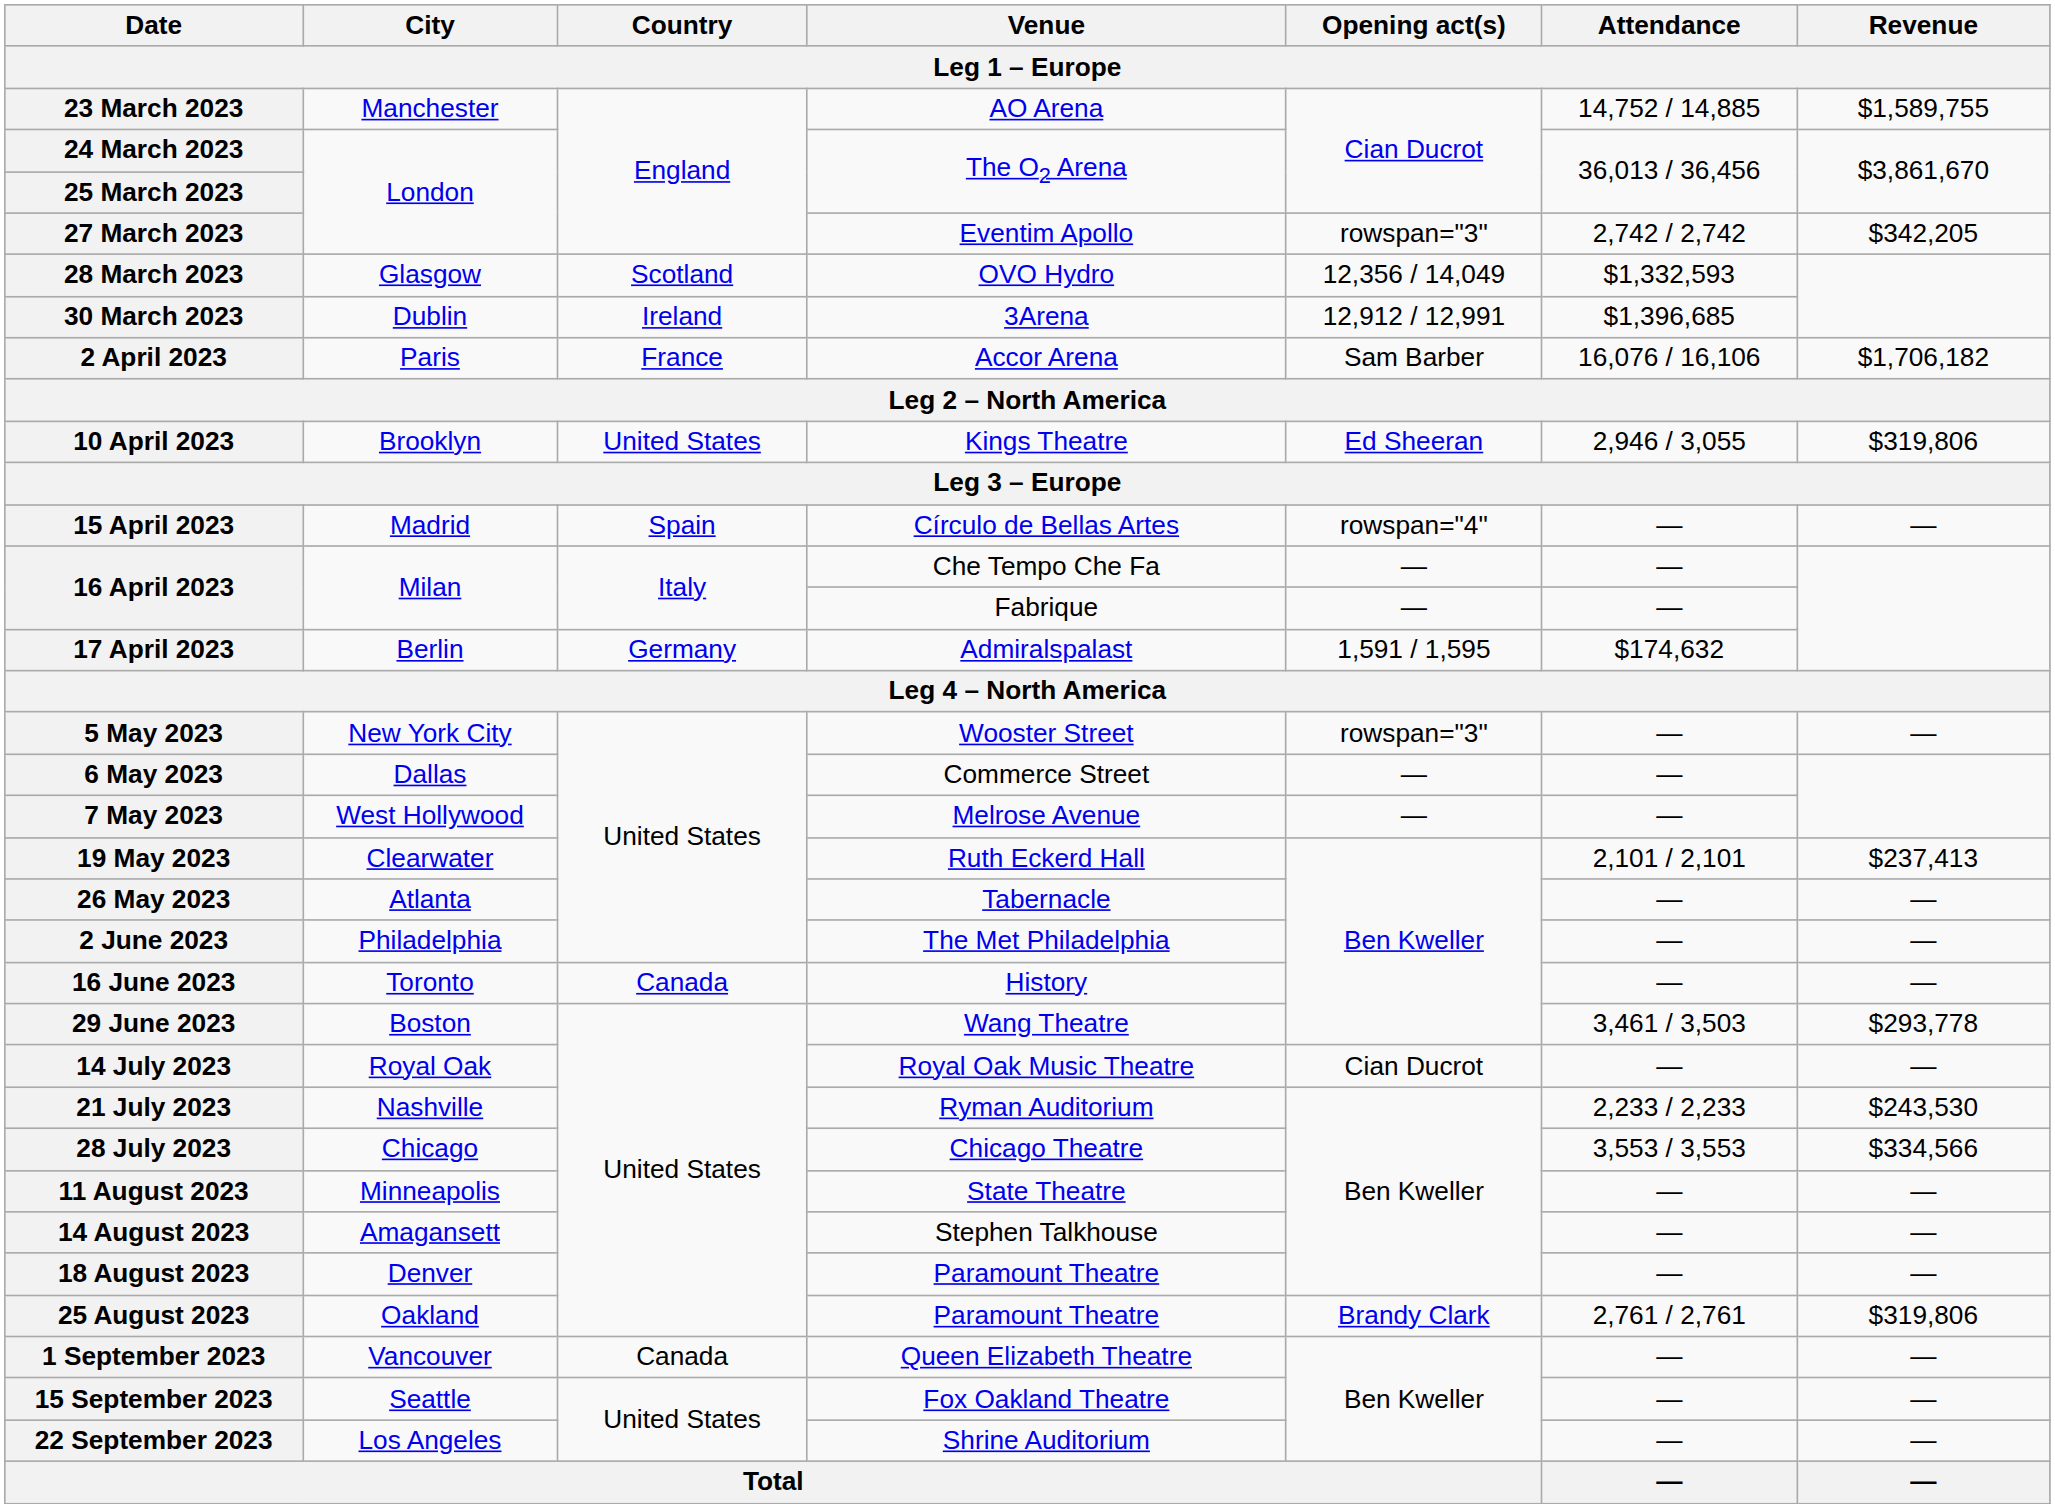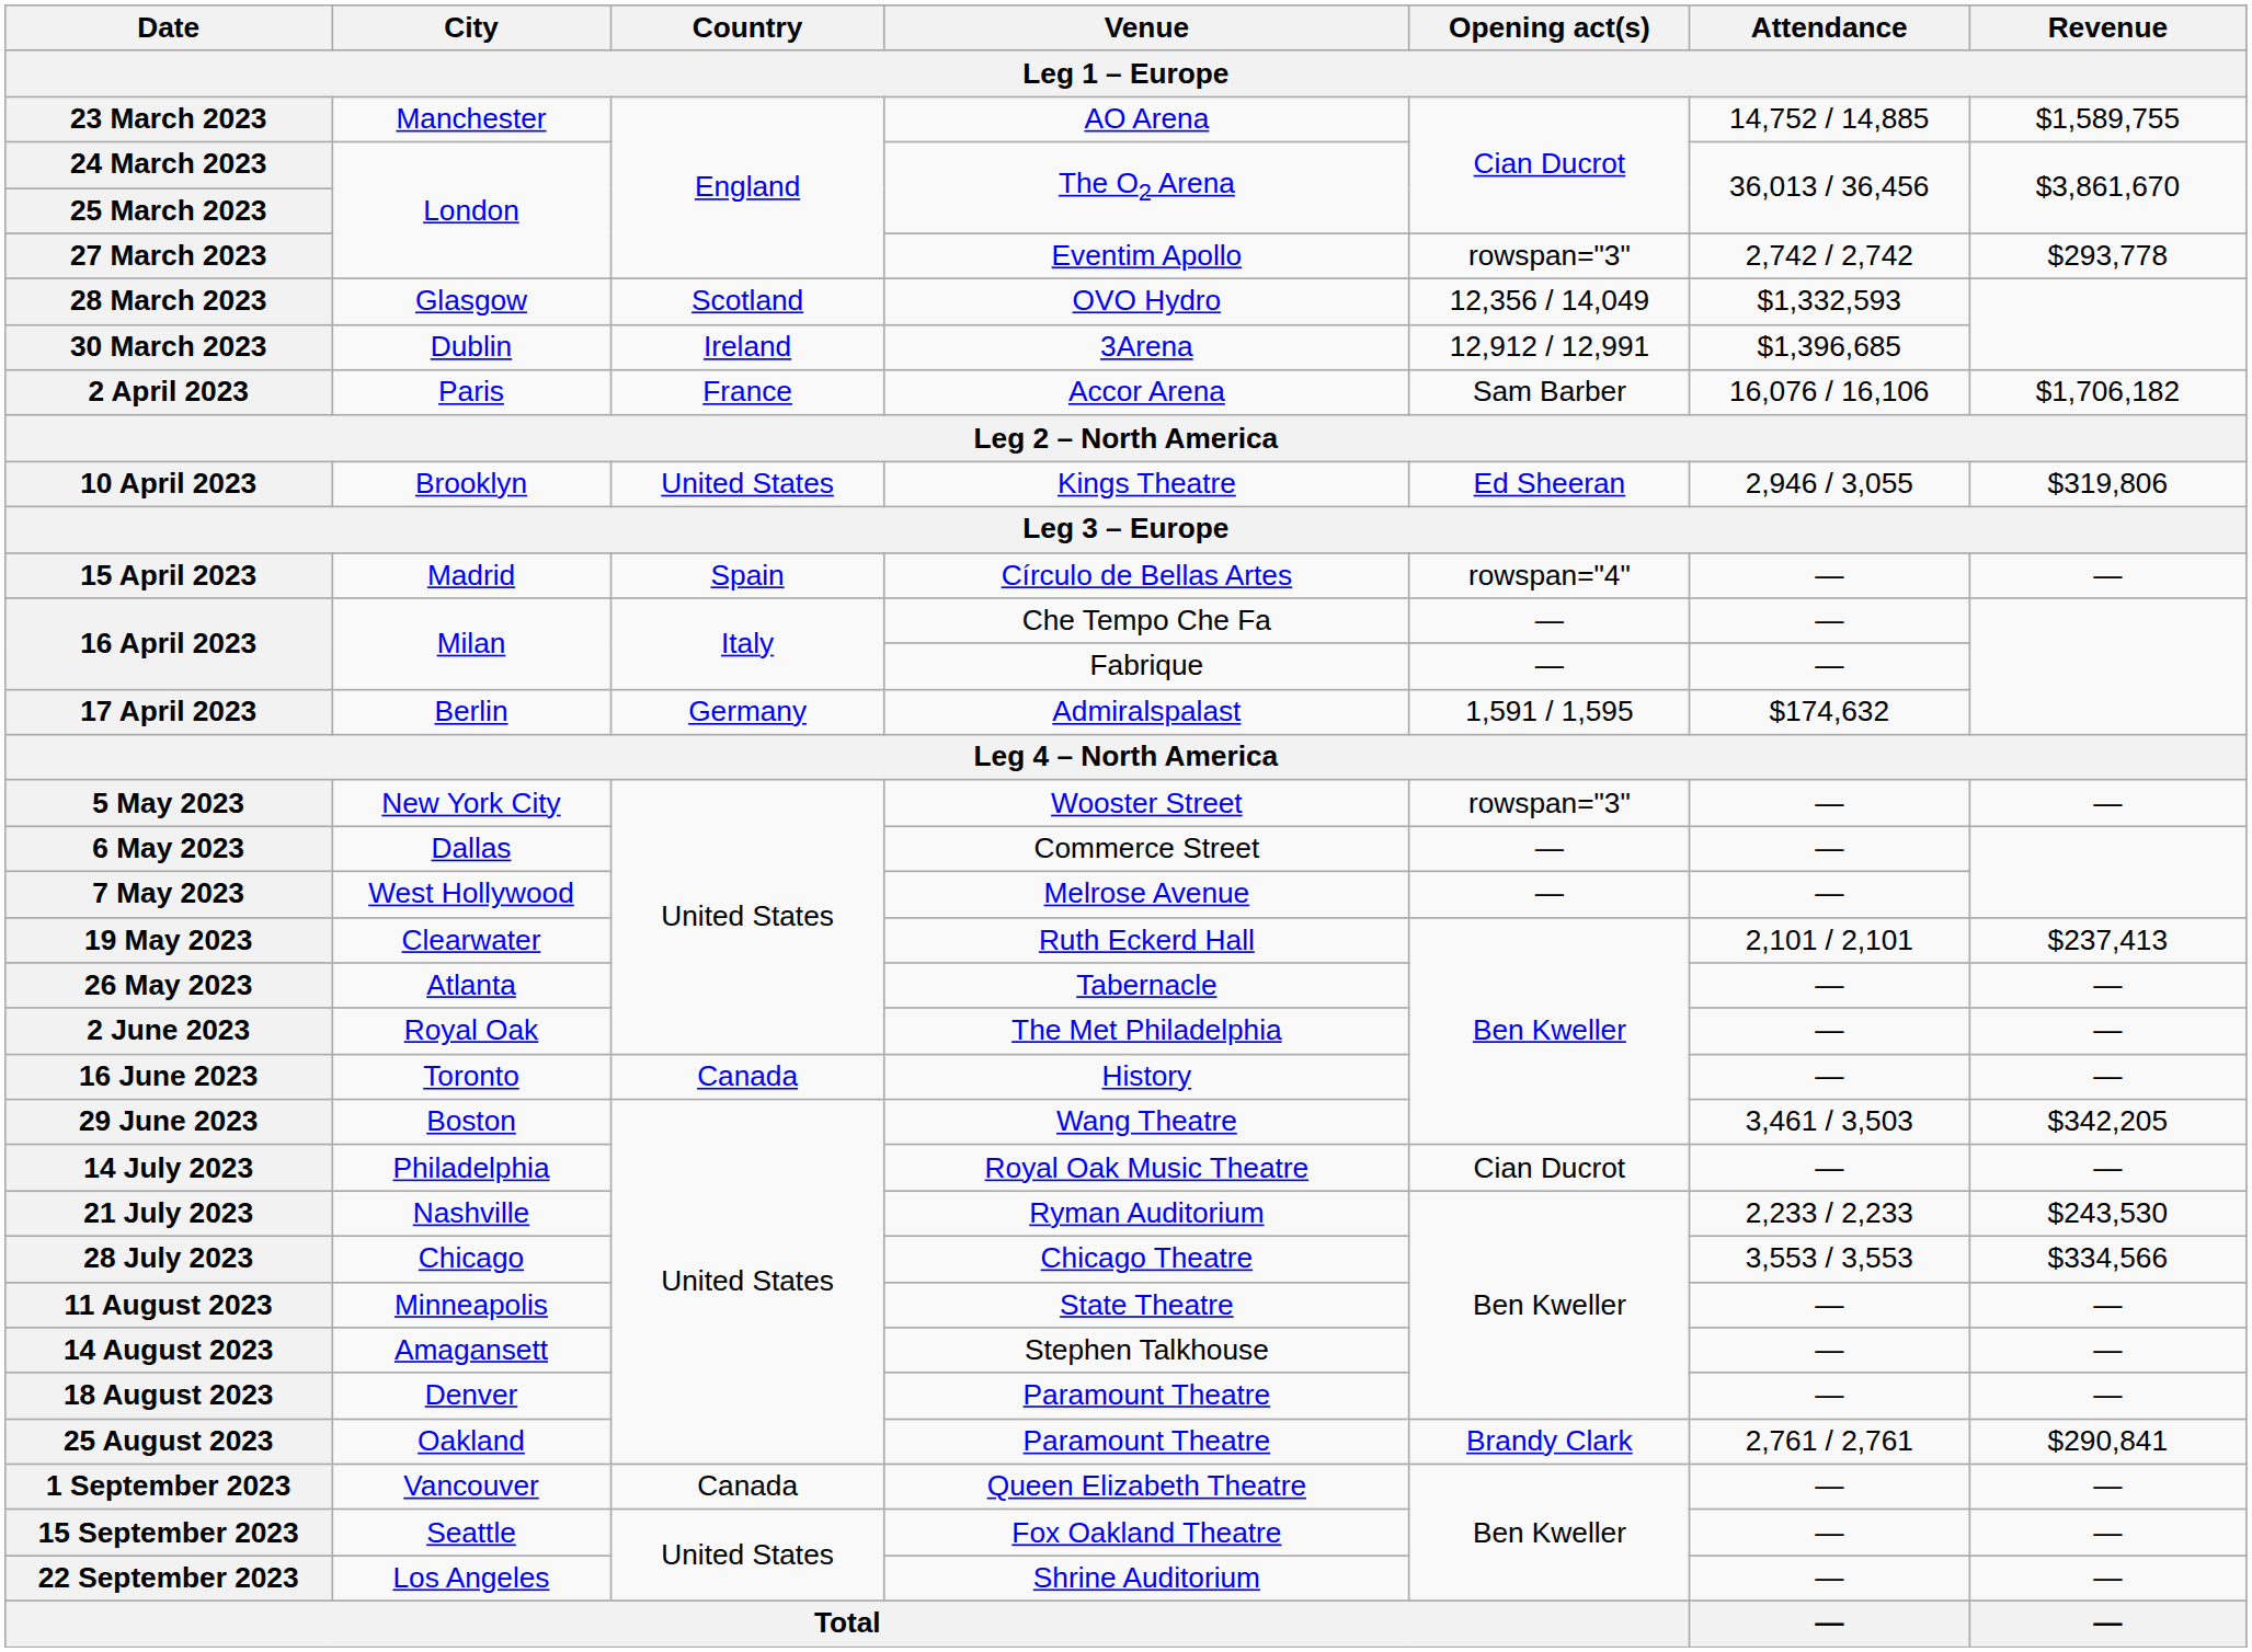 <table class="wikitable plainrowheaders" style="text-align:center;">
 <tr>
 <th scope="col" style="width:12em;">Date</th>
 <th scope="col" style="width:10em;">City</th>
 <th scope="col" style="width:10em;">Country</th>
 <th scope="col" style="width:20em;">Venue</th>
 <th scope="col" style="width:10em;">Opening act(s)</th>
 <th scope="col" style="width:10em;">Attendance</th>
 <th scope="col" style="width:10em;">Revenue</th>
 </tr>
 <tr>
 <th colspan="7">Leg 1 – Europe</th>
 </tr>
 <tr>
 <th scope="row" style="text-align:center;">23 March 2023</th>
 <td rowspan="1"><a href='#'>Manchester</a></td>
 <td rowspan="4"><a href='#'>England</a></td>
 <td rowspan="1"><a href='#'>AO Arena</a></td>
 <td rowspan="3"><a href='#'>Cian Ducrot</a></td>
 <td>14,752 / 14,885</td>
 <td>$1,589,755</td>
 </tr>
 <tr>
 <th scope="row" style="text-align:center;">24 March 2023</th>
 <td rowspan="3"><a href='#'>London</a></td>
 <td rowspan="2"><a href='#'>The O<sub>2</sub> Arena</a></td>
 <td rowspan="2">36,013 / 36,456</td>
 <td rowspan="2">$3,861,670</td>
 </tr>
 <tr>
 <th scope="row" style="text-align:center;">25 March 2023</th>
 </tr>
 <tr>
 <th scope="row" style="text-align:center;">27 March 2023</th>
 <td rowspan="1"><a href='#'>Eventim Apollo</a></td>
 <td>rowspan="3" </td>
 <td>2,742 / 2,742</td>
-<td>$342,205</td>
+<td>$293,778</td>
 </tr>
 <tr>
 <th scope="row" style="text-align:center;">28 March 2023</th>
 <td rowspan="1"><a href='#'>Glasgow</a></td>
 <td rowspan="1"><a href='#'>Scotland</a></td>
 <td rowspan="1"><a href='#'>OVO Hydro</a></td>
 <td>12,356 / 14,049</td>
 <td>$1,332,593</td>
 </tr>
 <tr>
 <th scope="row" style="text-align:center;">30 March 2023</th>
 <td rowspan="1"><a href='#'>Dublin</a></td>
 <td rowspan="1"><a href='#'>Ireland</a></td>
 <td rowspan="1"><a href='#'>3Arena</a></td>
 <td>12,912 / 12,991</td>
 <td>$1,396,685</td>
 </tr>
 <tr>
 <th scope="row" style="text-align:center;">2 April 2023</th>
 <td rowspan="1"><a href='#'>Paris</a></td>
 <td rowspan="1"><a href='#'>France</a></td>
 <td rowspan="1"><a href='#'>Accor Arena</a></td>
 <td>Sam Barber</td>
 <td>16,076 / 16,106</td>
 <td>$1,706,182</td>
 </tr>
 <tr>
 <th colspan="7">Leg 2 – North America</th>
 </tr>
 <tr>
 <th scope="row" style="text-align:center;">10 April 2023</th>
 <td rowspan="1"><a href='#'>Brooklyn</a></td>
 <td rowspan="1"><a href='#'>United States</a></td>
 <td rowspan="1"><a href='#'>Kings Theatre</a></td>
 <td><a href='#'>Ed Sheeran</a></td>
 <td rowspan="1">2,946 / 3,055</td>
 <td rowspan="1">$319,806</td>
 </tr>
 <tr>
 <th colspan="7">Leg 3 – Europe</th>
 </tr>
 <tr>
 <th scope="row" style="text-align:center;">15 April 2023</th>
 <td><a href='#'>Madrid</a></td>
 <td><a href='#'>Spain</a></td>
 <td><a href='#'>Círculo de Bellas Artes</a></td>
 <td>rowspan="4" </td>
 <td>—</td>
 <td>—</td>
 </tr>
 <tr>
 <th scope="row" rowspan="2" style="text-align:center;">16 April 2023</th>
 <td rowspan="2"><a href='#'>Milan</a></td>
 <td rowspan="2"><a href='#'>Italy</a></td>
 <td rowspan="1">Che Tempo Che Fa</td>
 <td>—</td>
 <td>—</td>
 </tr>
 <tr>
 <td rowspan="1">Fabrique</td>
 <td>—</td>
 <td>—</td>
 </tr>
 <tr>
 <th scope="row" style="text-align:center;">17 April 2023</th>
 <td rowspan="1"><a href='#'>Berlin</a></td>
 <td rowspan="1"><a href='#'>Germany</a></td>
 <td rowspan="1"><a href='#'>Admiralspalast</a></td>
 <td>1,591 / 1,595</td>
 <td>$174,632</td>
 </tr>
 <tr>
 <th colspan="7">Leg 4 – North America</th>
 </tr>
 <tr>
 <th scope="row" style="text-align:center;">5 May 2023</th>
 <td><a href='#'>New York City</a></td>
 <td rowspan="6">United States</td>
 <td><a href='#'>Wooster Street</a></td>
 <td>rowspan="3"  </td>
 <td>—</td>
 <td>—</td>
 </tr>
 <tr>
 <th scope="row" style="text-align:center;">6 May 2023</th>
 <td><a href='#'>Dallas</a></td>
 <td>Commerce Street</td>
 <td>—</td>
 <td>—</td>
 </tr>
 <tr>
 <th scope="row" style="text-align:center;">7 May 2023</th>
 <td><a href='#'>West Hollywood</a></td>
 <td><a href='#'>Melrose Avenue</a></td>
 <td>—</td>
 <td>—</td>
 </tr>
 <tr>
 <th scope="row" style="text-align:center;">19 May 2023</th>
 <td rowspan="1"><a href='#'>Clearwater</a></td>
 <td rowspan="1"><a href='#'>Ruth Eckerd Hall</a></td>
 <td rowspan="5"><a href='#'>Ben Kweller</a></td>
 <td>2,101 / 2,101</td>
 <td>$237,413</td>
 </tr>
 <tr>
 <th scope="row" style="text-align:center;">26 May 2023</th>
 <td rowspan="1"><a href='#'>Atlanta</a></td>
 <td rowspan="1"><a href='#'>Tabernacle</a></td>
 <td>—</td>
 <td>—</td>
 </tr>
 <tr>
 <th scope="row" style="text-align:center;">2 June 2023</th>
-<td rowspan="1"><a href='#'>Philadelphia</a></td>
+<td rowspan="1"><a href='#'>Royal Oak</a></td>
 <td rowspan="1"><a href='#'>The Met Philadelphia</a></td>
 <td>—</td>
 <td>—</td>
 </tr>
 <tr>
 <th scope="row" style="text-align:center;">16 June 2023</th>
 <td rowspan="1"><a href='#'>Toronto</a></td>
 <td rowspan="1"><a href='#'>Canada</a></td>
 <td rowspan="1"><a href='#'>History</a></td>
 <td>—</td>
 <td>—</td>
 </tr>
 <tr>
 <th scope="row" style="text-align:center;">29 June 2023</th>
 <td rowspan="1"><a href='#'>Boston</a></td>
 <td rowspan="8">United States</td>
 <td rowspan="1"><a href='#'>Wang Theatre</a></td>
 <td>3,461 / 3,503</td>
-<td>$293,778</td>
+<td>$342,205</td>
 </tr>
 <tr>
 <th scope="row" style="text-align:center;">14 July 2023</th>
-<td rowspan="1"><a href='#'>Royal Oak</a></td>
+<td rowspan="1"><a href='#'>Philadelphia</a></td>
 <td rowspan="1"><a href='#'>Royal Oak Music Theatre</a></td>
 <td rowspan="1">Cian Ducrot</td>
 <td>—</td>
 <td>—</td>
 </tr>
 <tr>
 <th scope="row" style="text-align:center;">21 July 2023</th>
 <td rowspan="1"><a href='#'>Nashville</a></td>
 <td rowspan="1"><a href='#'>Ryman Auditorium</a></td>
 <td rowspan="5">Ben Kweller</td>
 <td>2,233 / 2,233</td>
 <td>$243,530</td>
 </tr>
 <tr>
 <th scope="row" style="text-align:center;">28 July 2023</th>
 <td rowspan="1"><a href='#'>Chicago</a></td>
 <td rowspan="1"><a href='#'>Chicago Theatre</a></td>
 <td>3,553 / 3,553</td>
 <td>$334,566</td>
 </tr>
 <tr>
 <th scope="row" style="text-align:center;">11 August 2023</th>
 <td rowspan="1"><a href='#'>Minneapolis</a></td>
 <td rowspan="1"><a href='#'>State Theatre</a></td>
 <td>—</td>
 <td>—</td>
 </tr>
 <tr>
 <th scope="row" style="text-align:center;">14 August 2023</th>
 <td rowspan="1"><a href='#'>Amagansett</a></td>
 <td rowspan="1">Stephen Talkhouse</td>
 <td>—</td>
 <td>—</td>
 </tr>
 <tr>
 <th scope="row" style="text-align:center;">18 August 2023</th>
 <td rowspan="1"><a href='#'>Denver</a></td>
 <td rowspan="1"><a href='#'>Paramount Theatre</a></td>
 <td>—</td>
 <td>—</td>
 </tr>
 <tr>
 <th scope="row" style="text-align:center;">25 August 2023</th>
 <td rowspan="1"><a href='#'>Oakland</a></td>
 <td rowspan="1"><a href='#'>Paramount Theatre</a></td>
 <td><a href='#'>Brandy Clark</a></td>
 <td>2,761 / 2,761</td>
-<td rowspan="1">$319,806</td>
+<td>$290,841</td>
 </tr>
 <tr>
 <th scope="row" style="text-align:center;">1 September 2023</th>
 <td rowspan="1"><a href='#'>Vancouver</a></td>
 <td rowspan="1">Canada</td>
 <td rowspan="1"><a href='#'>Queen Elizabeth Theatre</a></td>
 <td rowspan="3">Ben Kweller</td>
 <td>—</td>
 <td>—</td>
 </tr>
 <tr>
 <th scope="row" style="text-align:center;">15 September 2023</th>
 <td rowspan="1"><a href='#'>Seattle</a></td>
 <td rowspan="2">United States</td>
 <td rowspan="1"><a href='#'>Fox Oakland Theatre</a></td>
 <td>—</td>
 <td>—</td>
 </tr>
 <tr>
 <th scope="row" style="text-align:center;">22 September 2023</th>
 <td rowspan="1"><a href='#'>Los Angeles</a></td>
 <td rowspan="1"><a href='#'>Shrine Auditorium</a></td>
 <td>—</td>
 <td>—</td>
 </tr>
 <tr>
 <th colspan="5">Total</th>
 <th>—</th>
 <th>—</th>
 </tr>
 <tr>
 </tr>
 </table>
